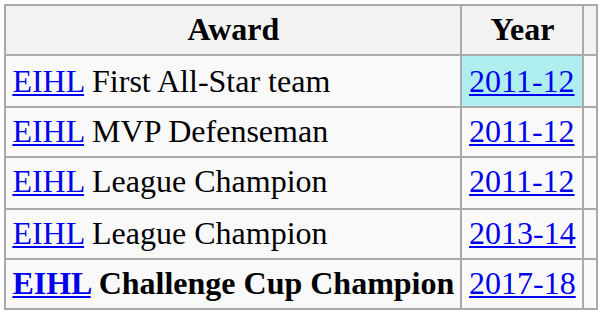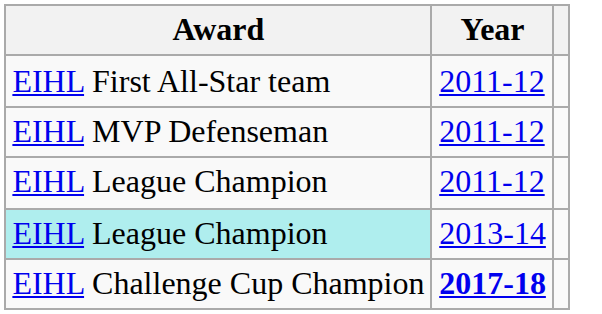 <table class="wikitable">
 <tr>
 <th>Award</th>
 <th>Year</th>
 <th></th>
 </tr>
 <tr>
 <td><a href='#'>EIHL</a> First All-Star team</td>
-<td style="background: paleturquoise;"><a href='#'>2011-12</a></td>
+<td><a href='#'>2011-12</a></td>
 <td></td>
 </tr>
 <tr>
 <td><a href='#'>EIHL</a> MVP Defenseman</td>
 <td><a href='#'>2011-12</a></td>
 <td></td>
 </tr>
 <tr>
 <td><a href='#'>EIHL</a> League Champion</td>
 <td><a href='#'>2011-12</a></td>
 <td></td>
 </tr>
 <tr>
-<td><a href='#'>EIHL</a> League Champion</td>
+<td style="background: paleturquoise;"><a href='#'>EIHL</a> League Champion</td>
 <td><a href='#'>2013-14</a></td>
 <td></td>
 </tr>
 <tr>
-<td><strong><a href='#'>EIHL</a> Challenge Cup Champion</strong></td>
-<td><a href='#'>2017-18</a></td>
+<td><a href='#'>EIHL</a> Challenge Cup Champion</td>
+<td><strong><a href='#'>2017-18</a></strong></td>
 <td></td>
 </tr>
 </table>
